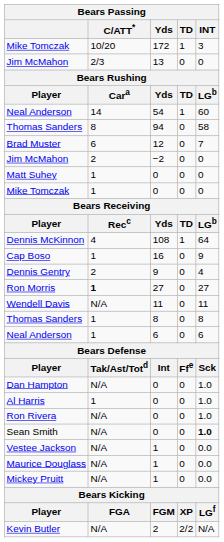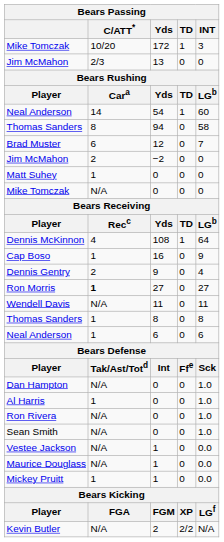 <table class="wikitable">
 <tr>
 <th colspan="5">Bears Passing</th>
 </tr>
 <tr>
 <th></th>
 <th>C/ATT<sup>*</sup></th>
 <th>Yds</th>
 <th>TD</th>
 <th>INT</th>
 </tr>
 <tr>
 <td><a href='#'>Mike Tomczak</a></td>
 <td>10/20</td>
 <td>172</td>
 <td>1</td>
 <td>3</td>
 </tr>
 <tr>
 <td><a href='#'>Jim McMahon</a></td>
 <td>2/3</td>
 <td>13</td>
 <td>0</td>
 <td>0</td>
 </tr>
 <tr>
 <th colspan="5">Bears Rushing</th>
 </tr>
 <tr>
 <th>Player</th>
 <th>Car<sup>a</sup></th>
 <th>Yds</th>
 <th>TD</th>
 <th>LG<sup>b</sup></th>
 </tr>
 <tr>
 <td><a href='#'>Neal Anderson</a></td>
 <td>14</td>
 <td>54</td>
 <td>1</td>
 <td>60</td>
 </tr>
 <tr>
 <td><a href='#'>Thomas Sanders</a></td>
 <td>8</td>
 <td>94</td>
 <td>0</td>
 <td>58</td>
 </tr>
 <tr>
 <td><a href='#'>Brad Muster</a></td>
 <td>6</td>
 <td>12</td>
 <td>0</td>
 <td>7</td>
 </tr>
 <tr>
 <td><a href='#'>Jim McMahon</a></td>
 <td>2</td>
 <td>−2</td>
 <td>0</td>
 <td>0</td>
 </tr>
 <tr>
 <td><a href='#'>Matt Suhey</a></td>
 <td>1</td>
 <td>0</td>
 <td>0</td>
 <td>0</td>
 </tr>
 <tr>
 <td><a href='#'>Mike Tomczak</a></td>
-<td>1</td>
+<td>N/A</td>
 <td>0</td>
 <td>0</td>
 <td>0</td>
 </tr>
 <tr>
 <th colspan="5">Bears Receiving</th>
 </tr>
 <tr>
 <th>Player</th>
 <th>Rec<sup>c</sup></th>
 <th>Yds</th>
 <th>TD</th>
 <th>LG<sup>b</sup></th>
 </tr>
 <tr>
 <td><a href='#'>Dennis McKinnon</a></td>
 <td>4</td>
 <td>108</td>
 <td>1</td>
 <td>64</td>
 </tr>
 <tr>
 <td><a href='#'>Cap Boso</a></td>
 <td>1</td>
 <td>16</td>
 <td>0</td>
 <td>9</td>
 </tr>
 <tr>
 <td><a href='#'>Dennis Gentry</a></td>
 <td>2</td>
 <td>9</td>
 <td>0</td>
 <td>4</td>
 </tr>
 <tr>
 <td><a href='#'>Ron Morris</a></td>
 <td><strong>1</strong></td>
 <td>27</td>
 <td>0</td>
 <td>27</td>
 </tr>
 <tr>
 <td><a href='#'>Wendell Davis</a></td>
 <td>N/A</td>
 <td>11</td>
 <td>0</td>
 <td>11</td>
 </tr>
 <tr>
 <td><a href='#'>Thomas Sanders</a></td>
 <td>1</td>
 <td>8</td>
 <td>0</td>
 <td>8</td>
 </tr>
 <tr>
 <td><a href='#'>Neal Anderson</a></td>
 <td>1</td>
 <td>6</td>
 <td>0</td>
 <td>6</td>
 </tr>
 <tr>
 <th colspan="5">Bears Defense</th>
 </tr>
 <tr>
 <th>Player</th>
 <th>Tak/Ast/Tot<sup>d</sup></th>
 <th>Int</th>
 <th>Ff<sup>e</sup></th>
 <th>Sck</th>
 </tr>
 <tr>
 <td><a href='#'>Dan Hampton</a></td>
 <td>N/A</td>
 <td>0</td>
 <td>0</td>
 <td>1.0</td>
 </tr>
 <tr>
 <td><a href='#'>Al Harris</a></td>
 <td>1</td>
 <td>0</td>
 <td>0</td>
 <td>1.0</td>
 </tr>
 <tr>
 <td><a href='#'>Ron Rivera</a></td>
 <td>N/A</td>
 <td>0</td>
 <td>0</td>
 <td>1.0</td>
 </tr>
 <tr>
 <td>Sean Smith</td>
 <td>N/A</td>
 <td>0</td>
 <td>0</td>
-<td><strong>1.0</strong></td>
+<td>1.0</td>
 </tr>
 <tr>
 <td><a href='#'>Vestee Jackson</a></td>
 <td>N/A</td>
 <td>1</td>
 <td>0</td>
 <td>0.0</td>
 </tr>
 <tr>
 <td><a href='#'>Maurice Douglass</a></td>
 <td>N/A</td>
 <td>1</td>
 <td>0</td>
 <td>0.0</td>
 </tr>
 <tr>
 <td><a href='#'>Mickey Pruitt</a></td>
-<td>N/A</td>
+<td>1</td>
 <td>1</td>
 <td>0</td>
 <td>0.0</td>
 </tr>
 <tr>
 <th colspan="5">Bears Kicking</th>
 </tr>
 <tr>
 <th>Player</th>
 <th>FGA</th>
 <th>FGM</th>
 <th>XP</th>
 <th>LG<sup>f</sup></th>
 </tr>
 <tr>
 <td><a href='#'>Kevin Butler</a></td>
 <td>N/A</td>
 <td>2</td>
 <td>2/2</td>
 <td>N/A</td>
 </tr>
 </table>
